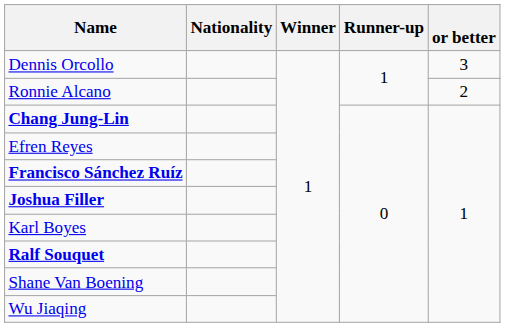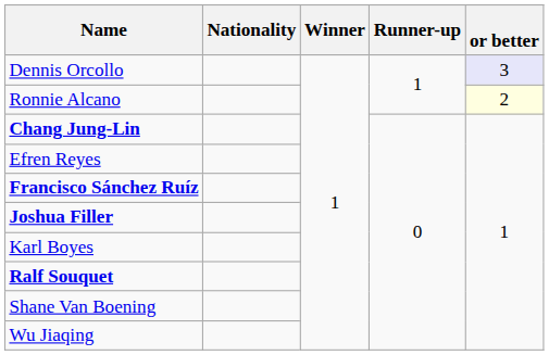 <table class="wikitable sortable" style="font-size:100%; text-align: center;">
 <tr>
 <th>Name</th>
 <th>Nationality</th>
 <th>Winner</th>
 <th>Runner-up</th>
 <th><br>or better</th>
 </tr>
 <tr>
 <td align="left"><a href='#'>Dennis Orcollo</a></td>
 <td align="left"></td>
 <td rowspan="10">1</td>
 <td rowspan="2">1</td>
-<td>3</td>
+<td style="background: lavender;">3</td>
 </tr>
 <tr>
 <td align="left"><a href='#'>Ronnie Alcano</a></td>
 <td align="left"></td>
-<td>2</td>
+<td style="background: lightyellow;">2</td>
 </tr>
 <tr>
 <td align="left"><strong><a href='#'>Chang Jung-Lin</a></strong></td>
 <td align="left"></td>
 <td rowspan="8">0</td>
 <td rowspan="8">1</td>
 </tr>
 <tr>
 <td align="left"><a href='#'>Efren Reyes</a></td>
 <td align="left"></td>
 </tr>
 <tr>
 <td align="left"><strong><a href='#'>Francisco Sánchez Ruíz</a></strong></td>
 <td align="left"></td>
 </tr>
 <tr>
 <td align="left"><strong><a href='#'>Joshua Filler</a></strong></td>
 <td align="left"></td>
 </tr>
 <tr>
 <td align="left"><a href='#'>Karl Boyes</a></td>
 <td align="left"></td>
 </tr>
 <tr>
 <td align="left"><strong><a href='#'>Ralf Souquet</a></strong></td>
 <td align="left"></td>
 </tr>
 <tr>
 <td align="left"><a href='#'>Shane Van Boening</a></td>
 <td align="left"></td>
 </tr>
 <tr>
 <td align="left"><a href='#'>Wu Jiaqing</a></td>
 <td align="left"></td>
 </tr>
 </table>
